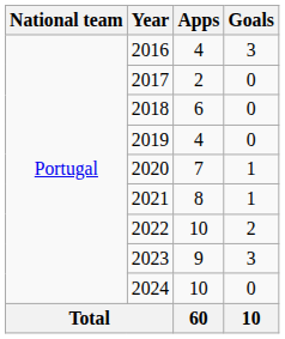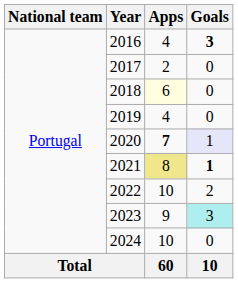 <table class="wikitable" style="text-align: center;">
 <tr>
 <th>National team</th>
 <th>Year</th>
 <th>Apps</th>
 <th>Goals</th>
 </tr>
 <tr>
 <td rowspan="9"><a href='#'>Portugal</a></td>
 <td>2016</td>
 <td>4</td>
-<td>3</td>
+<td><strong>3</strong></td>
 </tr>
 <tr>
 <td>2017</td>
 <td>2</td>
 <td>0</td>
 </tr>
 <tr>
 <td>2018</td>
-<td>6</td>
+<td style="background: lightyellow;">6</td>
 <td>0</td>
 </tr>
 <tr>
 <td>2019</td>
 <td>4</td>
 <td>0</td>
 </tr>
 <tr>
 <td>2020</td>
-<td>7</td>
-<td>1</td>
+<td><strong>7</strong></td>
+<td style="background: lavender;">1</td>
 </tr>
 <tr>
 <td>2021</td>
-<td>8</td>
-<td>1</td>
+<td style="background: khaki;">8</td>
+<td><strong>1</strong></td>
 </tr>
 <tr>
 <td>2022</td>
 <td>10</td>
 <td>2</td>
 </tr>
 <tr>
 <td>2023</td>
 <td>9</td>
-<td>3</td>
+<td style="background: paleturquoise;">3</td>
 </tr>
 <tr>
 <td>2024</td>
 <td>10</td>
 <td>0</td>
 </tr>
 <tr>
 <th colspan="2">Total</th>
 <th>60</th>
 <th>10</th>
 </tr>
 </table>
